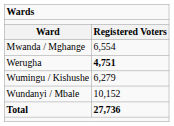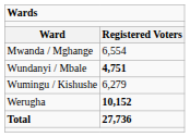 <table class="wikitable">
 <tr>
 <td colspan="2"><strong>Wards</strong></td>
 </tr>
 <tr>
 <td colspan="2"></td>
 </tr>
 <tr>
 <th>Ward</th>
 <th>Registered Voters</th>
 </tr>
 <tr>
 <td>Mwanda / Mghange</td>
 <td>6,554</td>
 </tr>
 <tr>
-<td>Werugha</td>
+<td>Wundanyi / Mbale</td>
 <td><strong>4,751</strong></td>
 </tr>
 <tr>
 <td>Wumingu / Kishushe</td>
 <td>6,279</td>
 </tr>
 <tr>
-<td>Wundanyi / Mbale</td>
-<td>10,152</td>
+<td>Werugha</td>
+<td><strong>10,152</strong></td>
 </tr>
 <tr>
 <td><strong>Total</strong></td>
 <td><strong>27,736</strong></td>
 </tr>
 <tr>
 <td colspan="2"></td>
 </tr>
 </table>
